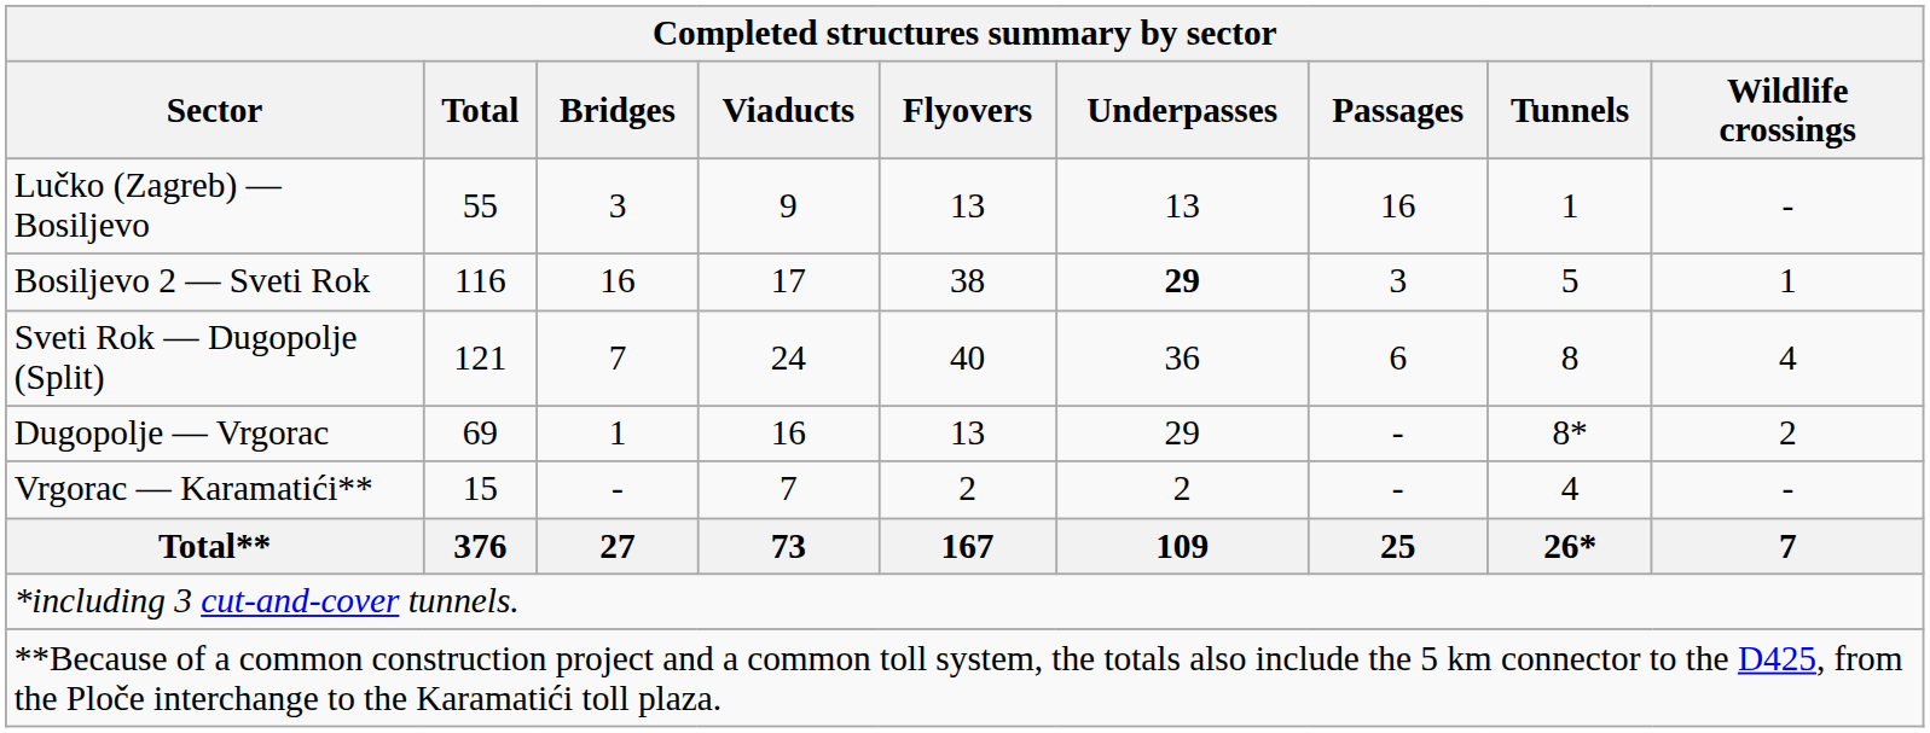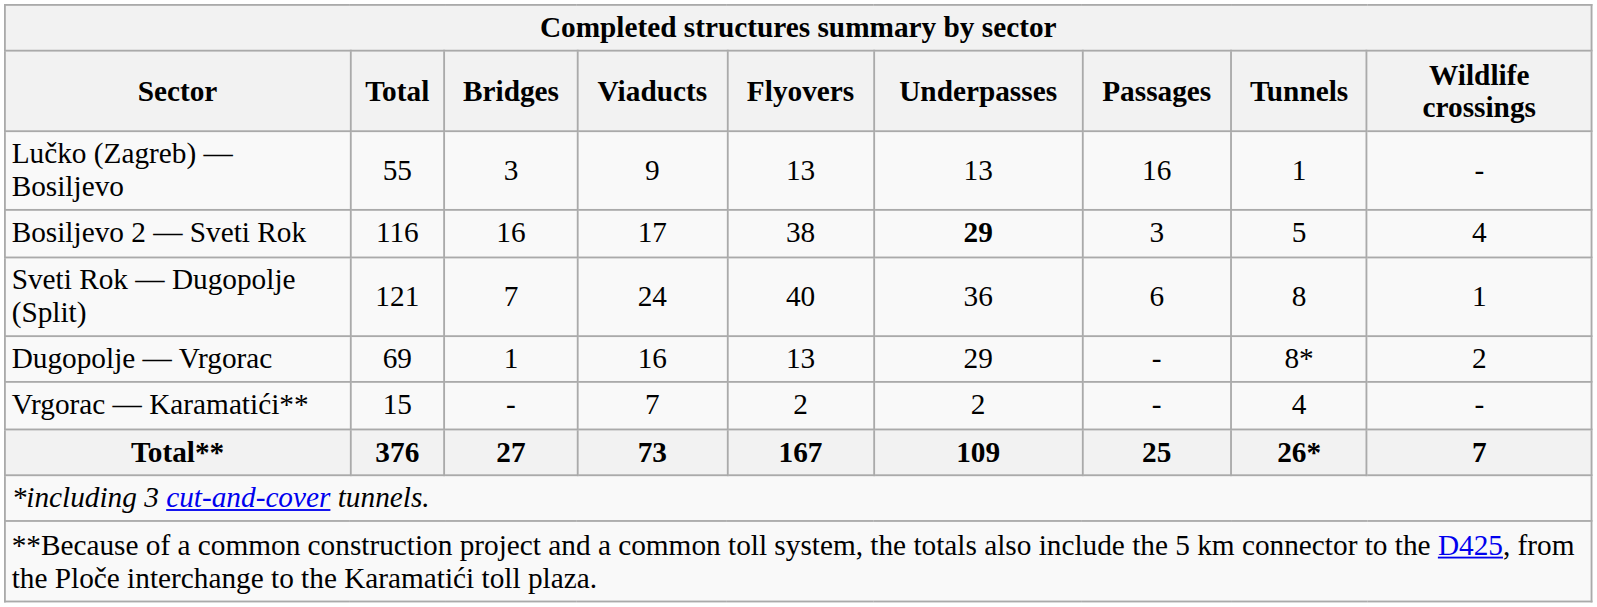 <table class="wikitable">
 <tr>
 <th colspan="9">Completed structures summary by sector</th>
 </tr>
 <tr>
 <th>Sector</th>
 <th>Total</th>
 <th>Bridges</th>
 <th>Viaducts</th>
 <th>Flyovers</th>
 <th>Underpasses</th>
 <th>Passages</th>
 <th>Tunnels</th>
 <th>Wildlife crossings</th>
 </tr>
 <tr>
 <td>Lučko (Zagreb) — Bosiljevo</td>
 <td style="text-align:center;">55</td>
 <td style="text-align:center;">3</td>
 <td style="text-align:center;">9</td>
 <td style="text-align:center;">13</td>
 <td style="text-align:center;">13</td>
 <td style="text-align:center;">16</td>
 <td style="text-align:center;">1</td>
 <td style="text-align:center;">-</td>
 </tr>
 <tr>
 <td>Bosiljevo 2 — Sveti Rok</td>
 <td style="text-align:center;">116</td>
 <td style="text-align:center;">16</td>
 <td style="text-align:center;">17</td>
 <td style="text-align:center;">38</td>
 <td style="text-align:center;"><strong>29</strong></td>
 <td style="text-align:center;">3</td>
 <td style="text-align:center;">5</td>
-<td style="text-align:center;">1</td>
+<td style="text-align:center;">4</td>
 </tr>
 <tr>
 <td>Sveti Rok — Dugopolje (Split)</td>
 <td style="text-align:center;">121</td>
 <td style="text-align:center;">7</td>
 <td style="text-align:center;">24</td>
 <td style="text-align:center;">40</td>
 <td style="text-align:center;">36</td>
 <td style="text-align:center;">6</td>
 <td style="text-align:center;">8</td>
-<td style="text-align:center;">4</td>
+<td style="text-align:center;">1</td>
 </tr>
 <tr>
 <td>Dugopolje — Vrgorac</td>
 <td style="text-align:center;">69</td>
 <td style="text-align:center;">1</td>
 <td style="text-align:center;">16</td>
 <td style="text-align:center;">13</td>
 <td style="text-align:center;">29</td>
 <td style="text-align:center;">-</td>
 <td style="text-align:center;">8*</td>
 <td style="text-align:center;">2</td>
 </tr>
 <tr>
 <td>Vrgorac — Karamatići**</td>
 <td style="text-align:center;">15</td>
 <td style="text-align:center;">-</td>
 <td style="text-align:center;">7</td>
 <td style="text-align:center;">2</td>
 <td style="text-align:center;">2</td>
 <td style="text-align:center;">-</td>
 <td style="text-align:center;">4</td>
 <td style="text-align:center;">-</td>
 </tr>
 <tr>
 <th>Total**</th>
 <th>376</th>
 <th>27</th>
 <th>73</th>
 <th>167</th>
 <th>109</th>
 <th>25</th>
 <th>26*</th>
 <th>7</th>
 </tr>
 <tr>
 <td colspan="9"><em>*including 3 <a href='#'>cut-and-cover</a> tunnels.</em></td>
 </tr>
 <tr>
 <td colspan="9">**Because of a common construction project and a common toll system, the totals also include the 5 km connector to the <a href='#'>D425</a>, from the Ploče interchange to the Karamatići toll plaza.</td>
 </tr>
 </table>
